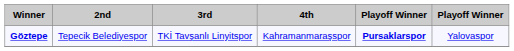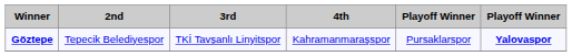 <table bgcolor="#f7f8ff" cellpadding="8" cellspacing="0" border="1" style="font-size: 95%; text-align:center; margin: 0.5em auto; border: gray solid 1px; border-collapse: collapse;">
 <tr bgcolor="#CCCCCC">
 <td><strong>Winner</strong></td>
 <td><strong>2nd</strong></td>
 <td><strong>3rd</strong></td>
 <td><strong>4th</strong></td>
 <td><strong>Playoff Winner</strong></td>
 <td><strong>Playoff Winner</strong></td>
 </tr>
 <tr>
 <td><strong><a href='#'>Göztepe</a></strong></td>
 <td><a href='#'>Tepecik Belediyespor</a></td>
 <td><a href='#'>TKİ Tavşanlı Linyitspor</a></td>
 <td><a href='#'>Kahramanmaraşspor</a></td>
-<td><strong><a href='#'>Pursaklarspor</a></strong></td>
-<td><a href='#'>Yalovaspor</a></td>
+<td><a href='#'>Pursaklarspor</a></td>
+<td><strong><a href='#'>Yalovaspor</a></strong></td>
 </tr>
 <tr>
 </tr>
 </table>
